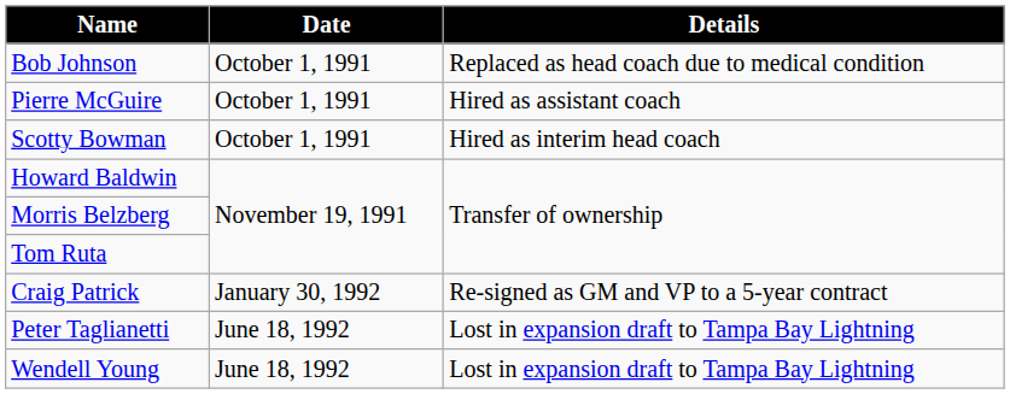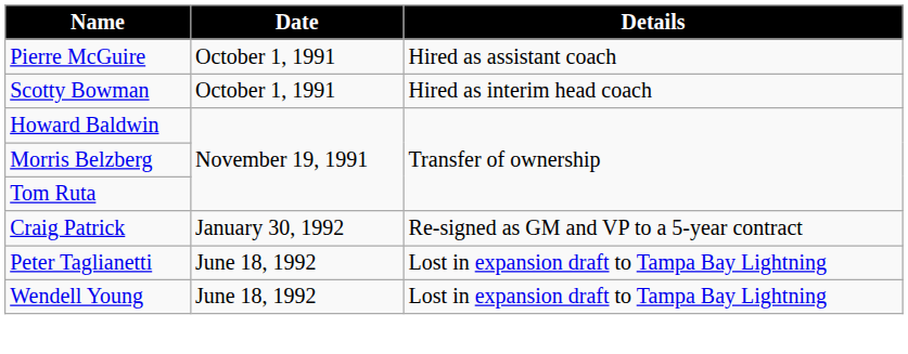 <table class="wikitable" style="width:75%;">
 <tr style="text-align:center; background:#ddd;">
 <th style="color:white; background:#000000; ">Name</th>
 <th style="color:white; background:#000000; ">Date</th>
 <th style="color:white; background:#000000; ">Details</th>
-</tr>
-<tr>
-<td><a href='#'>Bob Johnson</a></td>
-<td>October 1, 1991</td>
-<td>Replaced as head coach due to medical condition</td>
 </tr>
 <tr>
 <td><a href='#'>Pierre McGuire</a></td>
 <td>October 1, 1991</td>
 <td>Hired as assistant coach</td>
 </tr>
 <tr>
 <td><a href='#'>Scotty Bowman</a></td>
 <td>October 1, 1991</td>
 <td>Hired as interim head coach</td>
 </tr>
 <tr>
 <td><a href='#'>Howard Baldwin</a></td>
 <td rowspan=3>November 19, 1991</td>
 <td rowspan=3>Transfer of ownership</td>
 </tr>
 <tr>
 <td><a href='#'>Morris Belzberg</a></td>
 </tr>
 <tr>
 <td><a href='#'>Tom Ruta</a></td>
 </tr>
 <tr>
 <td><a href='#'>Craig Patrick</a></td>
 <td>January 30, 1992</td>
 <td>Re-signed as GM and VP to a 5-year contract</td>
 </tr>
 <tr>
 <td><a href='#'>Peter Taglianetti</a></td>
 <td>June 18, 1992</td>
 <td>Lost in <a href='#'>expansion draft</a> to <a href='#'>Tampa Bay Lightning</a></td>
 </tr>
 <tr>
 <td><a href='#'>Wendell Young</a></td>
 <td>June 18, 1992</td>
 <td>Lost in <a href='#'>expansion draft</a> to <a href='#'>Tampa Bay Lightning</a></td>
 </tr>
 </table>
